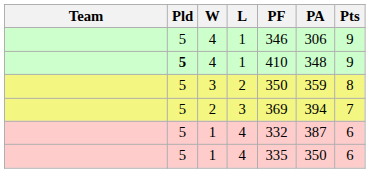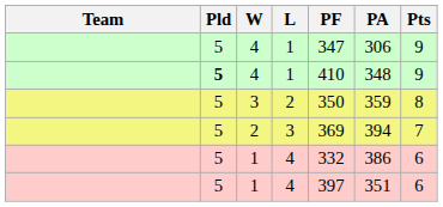 <table class="wikitable" style="text-align:center;">
 <tr>
 <th width=170>Team</th>
 <th width=25>Pld</th>
 <th width=25>W</th>
 <th width=25>L</th>
 <th width=35>PF</th>
 <th width=35>PA</th>
 <th width=25>Pts</th>
 </tr>
 <tr bgcolor=#ccffcc>
 <td align="left"></td>
 <td>5</td>
 <td>4</td>
 <td>1</td>
-<td>346</td>
+<td>347</td>
 <td>306</td>
 <td>9</td>
 </tr>
 <tr bgcolor=#ccffcc>
 <td align="left"></td>
 <td><strong>5</strong></td>
 <td>4</td>
 <td>1</td>
 <td>410</td>
 <td>348</td>
 <td>9</td>
 </tr>
 <tr bgcolor=#F3F781>
 <td align="left"></td>
 <td>5</td>
 <td>3</td>
 <td>2</td>
 <td>350</td>
 <td>359</td>
 <td>8</td>
 </tr>
 <tr bgcolor=#F3F781>
 <td align="left"></td>
 <td>5</td>
 <td>2</td>
 <td>3</td>
 <td>369</td>
 <td>394</td>
 <td>7</td>
 </tr>
 <tr bgcolor=#ffcccc>
 <td align="left"></td>
 <td>5</td>
 <td>1</td>
 <td>4</td>
 <td>332</td>
-<td>387</td>
+<td>386</td>
 <td>6</td>
 </tr>
 <tr bgcolor=#ffcccc>
 <td align="left"></td>
 <td>5</td>
 <td>1</td>
 <td>4</td>
-<td>335</td>
-<td>350</td>
+<td>397</td>
+<td>351</td>
 <td>6</td>
 </tr>
 </table>
